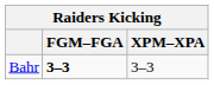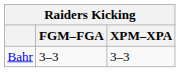 <table class="wikitable">
 <tr>
 <th colspan="3">Raiders Kicking</th>
 </tr>
 <tr>
 <th></th>
 <th>FGM–FGA</th>
 <th>XPM–XPA</th>
 </tr>
 <tr>
 <td><a href='#'>Bahr</a></td>
-<td><strong>3–3</strong></td>
+<td>3–3</td>
 <td>3–3</td>
 </tr>
 </table>
